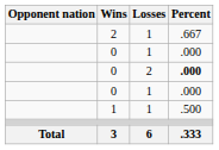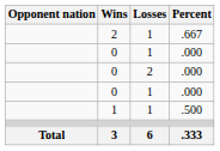 <table class=wikitable>
 <tr>
 <th>Opponent nation</th>
 <th>Wins</th>
 <th>Losses</th>
 <th>Percent</th>
 </tr>
 <tr align=center>
 <td align=left></td>
 <td>2</td>
 <td>1</td>
 <td>.667</td>
 </tr>
 <tr align=center>
 <td align=left></td>
 <td>0</td>
 <td>1</td>
 <td>.000</td>
 </tr>
 <tr align=center>
 <td align=left></td>
 <td>0</td>
 <td>2</td>
-<td><strong>.000</strong></td>
+<td>.000</td>
 </tr>
 <tr align=center>
 <td align=left></td>
 <td>0</td>
 <td>1</td>
 <td>.000</td>
 </tr>
 <tr align=center>
 <td align=left></td>
 <td>1</td>
 <td>1</td>
 <td>.500</td>
 </tr>
 <tr>
 <td colspan=4 bgcolor=lightgray></td>
 </tr>
 <tr>
 <th>Total</th>
 <th>3</th>
 <th>6</th>
 <th>.333</th>
 </tr>
 </table>
